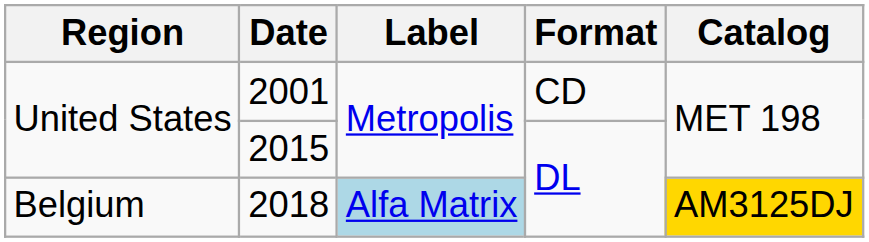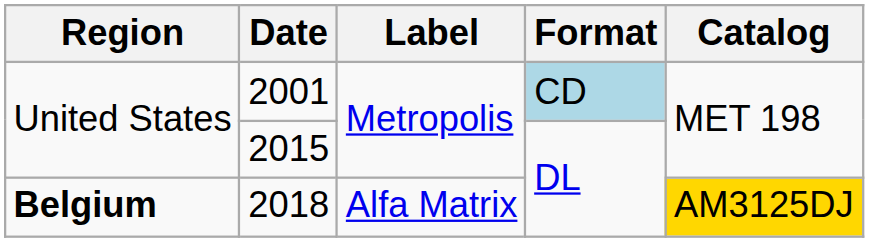 <table class="wikitable">
 <tr>
 <th>Region</th>
 <th>Date</th>
 <th>Label</th>
 <th>Format</th>
 <th>Catalog</th>
 </tr>
 <tr>
 <td rowspan="2">United States</td>
 <td>2001</td>
 <td rowspan="2"><a href='#'>Metropolis</a></td>
-<td>CD</td>
+<td style="background: lightblue;">CD</td>
 <td rowspan="2">MET 198</td>
 </tr>
 <tr>
 <td>2015</td>
 <td rowspan="2"><a href='#'>DL</a></td>
 </tr>
 <tr>
-<td>Belgium</td>
+<td><strong>Belgium</strong></td>
 <td>2018</td>
-<td style="background: lightblue;"><a href='#'>Alfa Matrix</a></td>
+<td><a href='#'>Alfa Matrix</a></td>
 <td style="background: gold;">AM3125DJ</td>
 </tr>
 </table>
